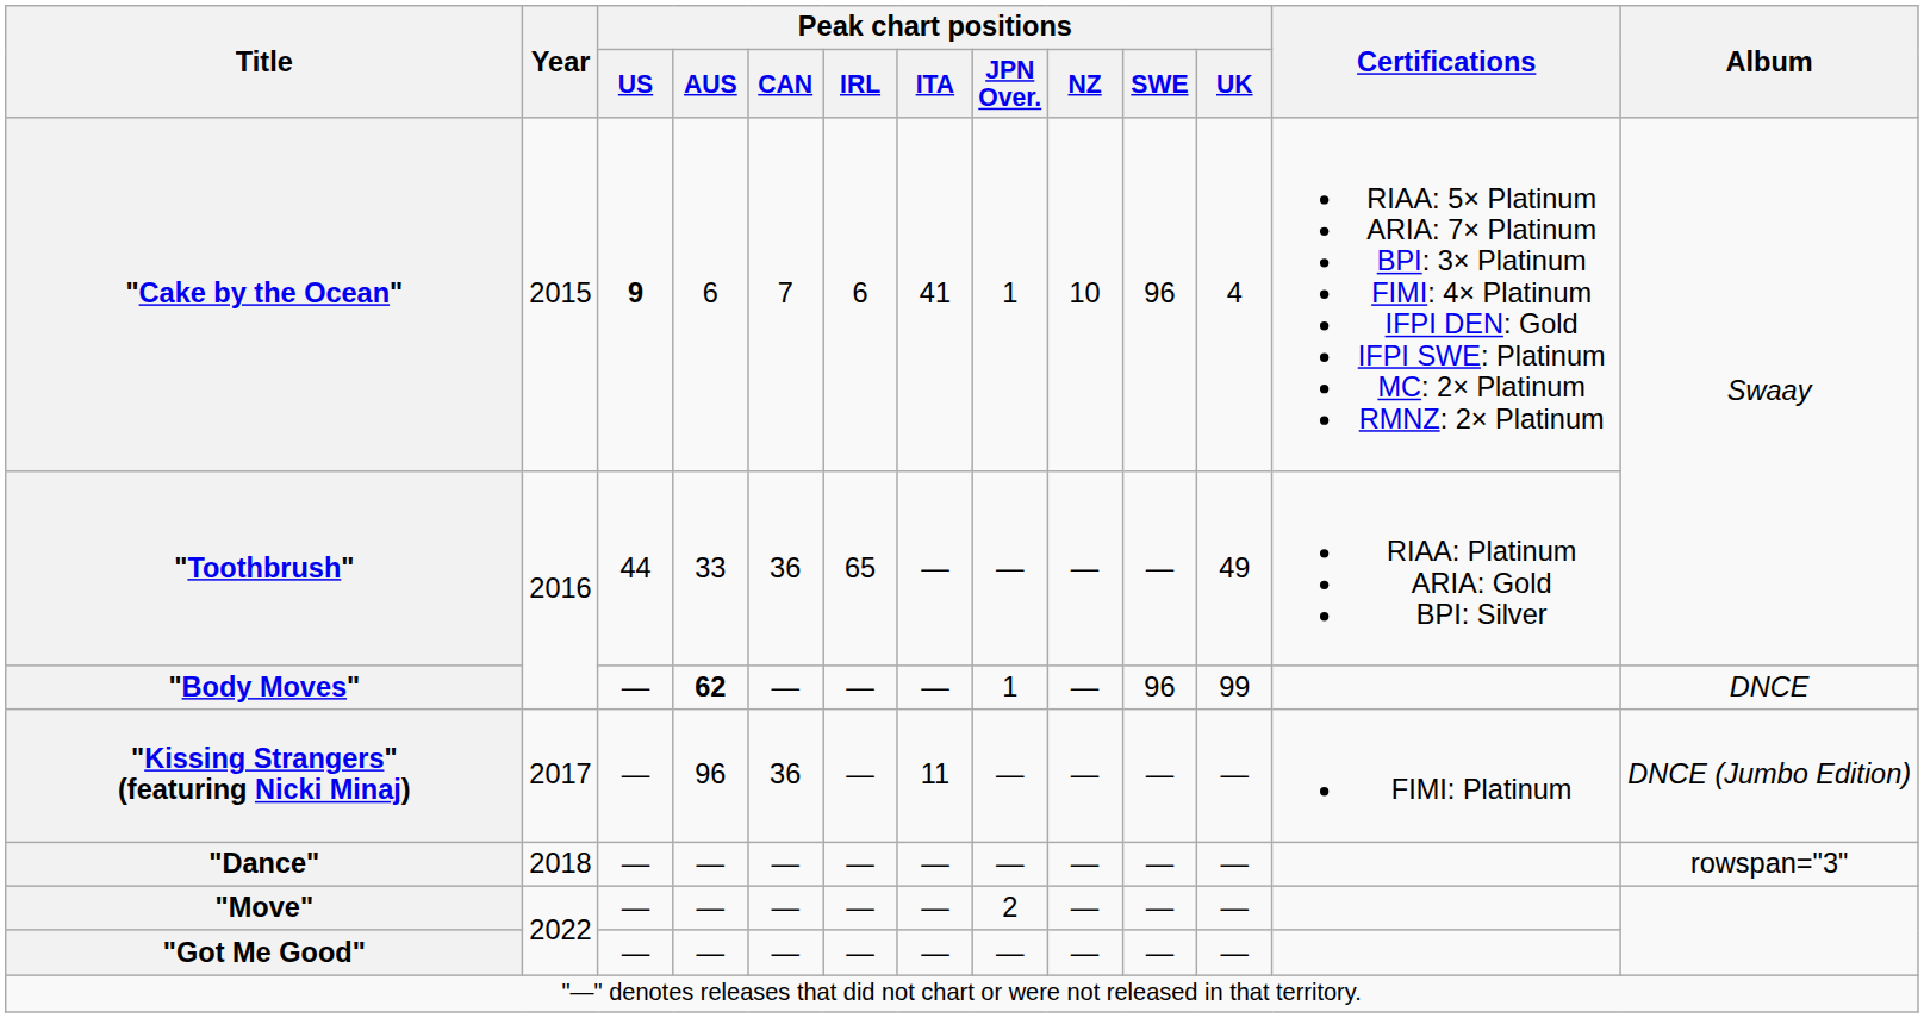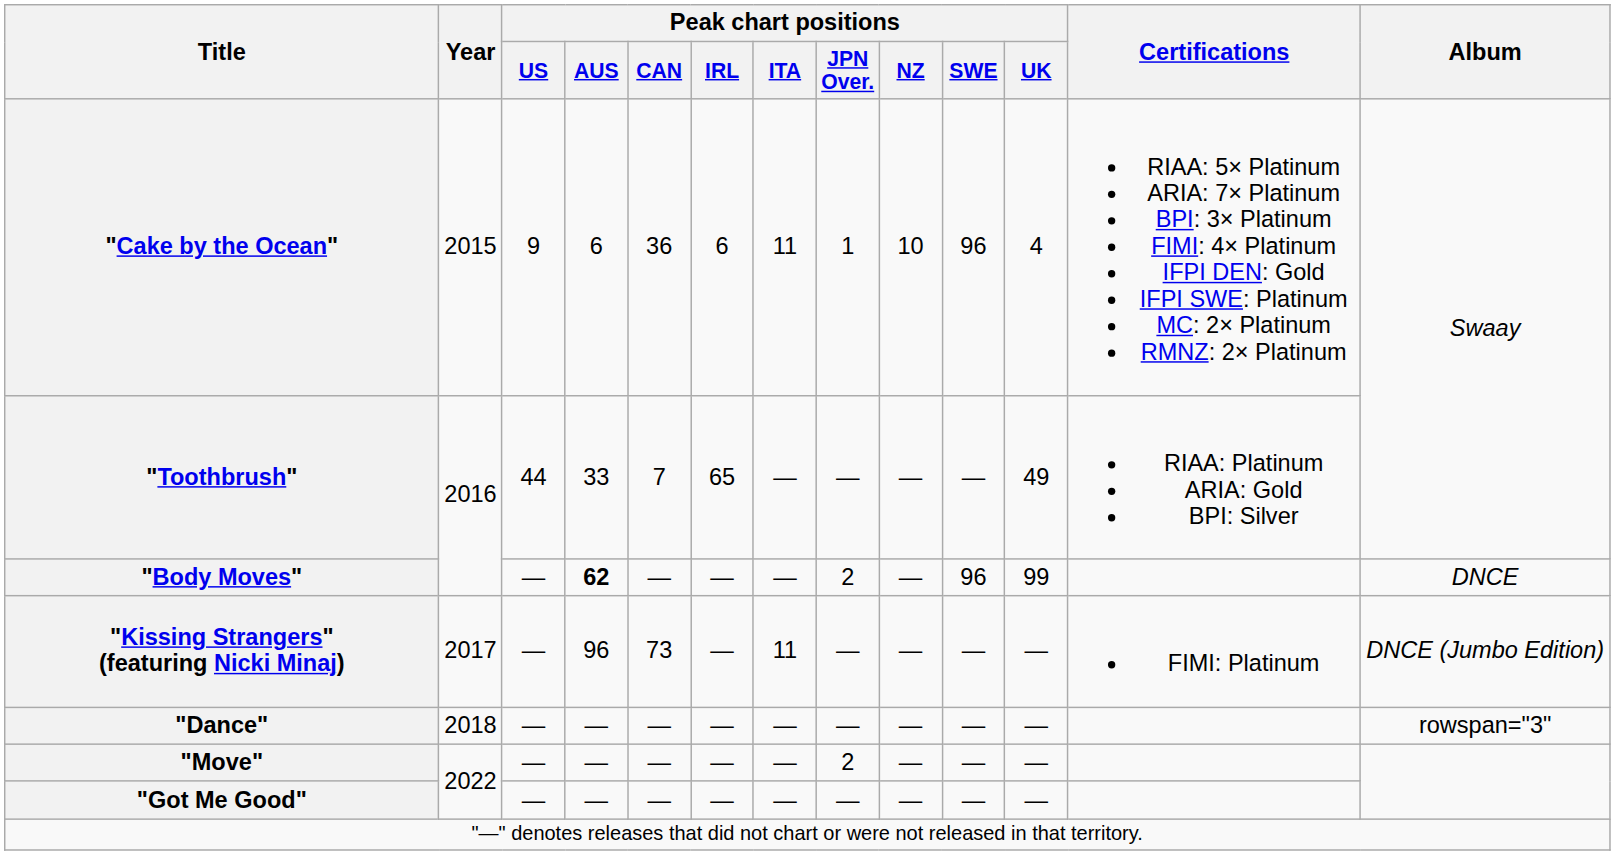 <table class="wikitable plainrowheaders" style="text-align:center;" border="1">
 <tr>
 <th scope="col" rowspan="2" style="width:18em;">Title</th>
 <th scope="col" rowspan="2">Year</th>
 <th scope="col" colspan="9">Peak chart positions</th>
 <th scope="col" rowspan="2" style="width:12em;"><a href='#'>Certifications</a></th>
 <th scope="col" rowspan="2">Album</th>
 </tr>
 <tr>
 <th scope="col" style="width:2.5em;font-size:90%;"><a href='#'>US</a><br></th>
 <th scope="col" style="width:2.5em;font-size:90%;"><a href='#'>AUS</a><br></th>
 <th scope="col" style="width:2.5em;font-size:90%;"><a href='#'>CAN</a><br></th>
 <th scope="col" style="width:2.5em;font-size:90%;"><a href='#'>IRL</a><br></th>
 <th scope="col" style="width:2.5em;font-size:90%;"><a href='#'>ITA</a><br></th>
 <th scope="col" style="width:2.5em;font-size:90%;"><a href='#'>JPN<br>Over.</a><br></th>
 <th scope="col" style="width:2.5em;font-size:90%;"><a href='#'>NZ</a><br></th>
 <th scope="col" style="width:2.5em;font-size:90%;"><a href='#'>SWE</a><br></th>
 <th scope="col" style="width:2.5em;font-size:90%;"><a href='#'>UK</a><br></th>
 </tr>
 <tr>
 <th scope="row">"<a href='#'>Cake by the Ocean</a>"</th>
 <td>2015</td>
-<td><strong>9</strong></td>
+<td>9</td>
 <td>6</td>
-<td>7</td>
+<td>36</td>
 <td>6</td>
-<td>41</td>
+<td>11</td>
 <td>1</td>
 <td>10</td>
 <td>96</td>
 <td>4</td>
 <td><br><ul><li>RIAA: 5× Platinum</li><li>ARIA: 7× Platinum</li><li><a href='#'>BPI</a>: 3× Platinum</li><li><a href='#'>FIMI</a>: 4× Platinum</li><li><a href='#'>IFPI DEN</a>: Gold</li><li><a href='#'>IFPI SWE</a>: Platinum</li><li><a href='#'>MC</a>: 2× Platinum</li><li><a href='#'>RMNZ</a>: 2× Platinum</li></ul></td>
 <td rowspan="2"><em>Swaay</em></td>
 </tr>
 <tr>
 <th scope="row">"<a href='#'>Toothbrush</a>"</th>
 <td rowspan="2">2016</td>
 <td>44</td>
 <td>33</td>
-<td>36</td>
+<td>7</td>
 <td>65</td>
 <td>—</td>
 <td>—</td>
 <td>—</td>
 <td>—</td>
 <td>49</td>
 <td><br><ul><li>RIAA: Platinum</li><li>ARIA: Gold</li><li>BPI: Silver</li></ul></td>
 </tr>
 <tr>
 <th scope="row">"<a href='#'>Body Moves</a>"</th>
 <td>—</td>
 <td><strong>62</strong></td>
 <td>—</td>
 <td>—</td>
 <td>—</td>
-<td>1</td>
+<td>2</td>
 <td>—</td>
 <td>96</td>
 <td>99</td>
 <td></td>
 <td><em>DNCE</em></td>
 </tr>
 <tr>
 <th scope="row">"<a href='#'>Kissing Strangers</a>"<br><span>(featuring <a href='#'>Nicki Minaj</a>)</span></th>
 <td>2017</td>
 <td>—</td>
 <td>96</td>
-<td>36</td>
+<td>73</td>
 <td>—</td>
 <td>11</td>
 <td>—</td>
 <td>—</td>
 <td>—</td>
 <td>—</td>
 <td><br><ul><li>FIMI: Platinum</li></ul></td>
 <td><em>DNCE (Jumbo Edition)</em></td>
 </tr>
 <tr>
 <th scope="row">"Dance"</th>
 <td>2018</td>
 <td>—</td>
 <td>—</td>
 <td>—</td>
 <td>—</td>
 <td>—</td>
 <td>—</td>
 <td>—</td>
 <td>—</td>
 <td>—</td>
 <td></td>
 <td>rowspan="3" </td>
 </tr>
 <tr>
 <th scope="row">"Move"</th>
 <td rowspan="2">2022</td>
 <td>—</td>
 <td>—</td>
 <td>—</td>
 <td>—</td>
 <td>—</td>
 <td>2</td>
 <td>—</td>
 <td>—</td>
 <td>—</td>
 <td></td>
 </tr>
 <tr>
 <th scope="row">"Got Me Good"</th>
 <td>—</td>
 <td>—</td>
 <td>—</td>
 <td>—</td>
 <td>—</td>
 <td>—</td>
 <td>—</td>
 <td>—</td>
 <td>—</td>
 <td></td>
 </tr>
 <tr>
 <td colspan="14" align="center" style="font-size:85%">"—" denotes releases that did not chart or were not released in that territory.</td>
 </tr>
 </table>
